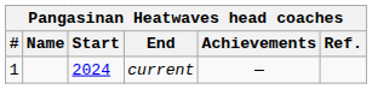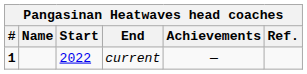 <table class="wikitable sortable">
 <tr>
 <th colspan="6">Pangasinan Heatwaves head coaches</th>
 </tr>
 <tr>
 <th>#</th>
 <th>Name</th>
 <th>Start</th>
 <th>End</th>
 <th>Achievements</th>
 <th>Ref.</th>
 </tr>
 <tr>
-<td align=center>1</td>
+<td align=center><strong>1</strong></td>
 <td></td>
-<td><a href='#'>2024</a></td>
+<td><a href='#'>2022</a></td>
 <td><em>current</em></td>
 <td align=center>—</td>
 <td></td>
 </tr>
 </table>
